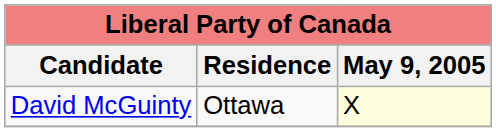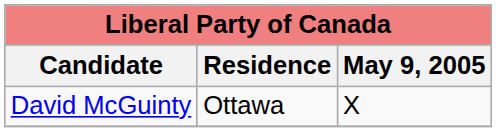 <table class="wikitable">
 <tr>
 <td align="center" bgcolor="lightcoral" colspan=3><strong>Liberal Party of Canada</strong></td>
 </tr>
 <tr>
 <th align="left">Candidate</th>
 <th align="center">Residence</th>
 <th align="left">May 9, 2005</th>
 </tr>
 <tr>
 <td><a href='#'>David McGuinty</a></td>
 <td>Ottawa</td>
-<td style="background: lightyellow;">X</td>
+<td>X</td>
 </tr>
 <tr>
 </tr>
 </table>
